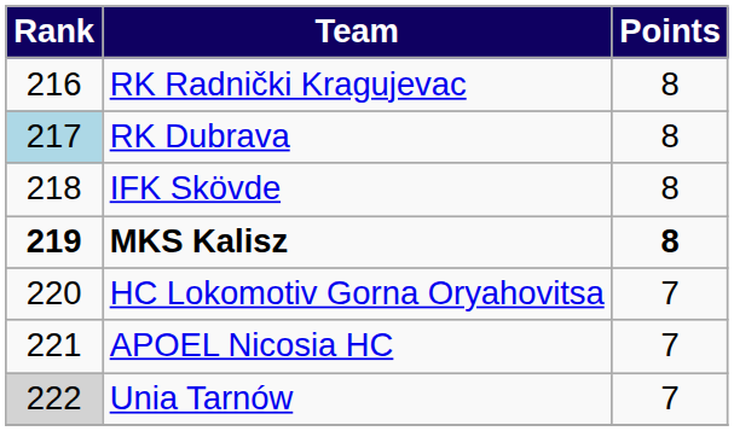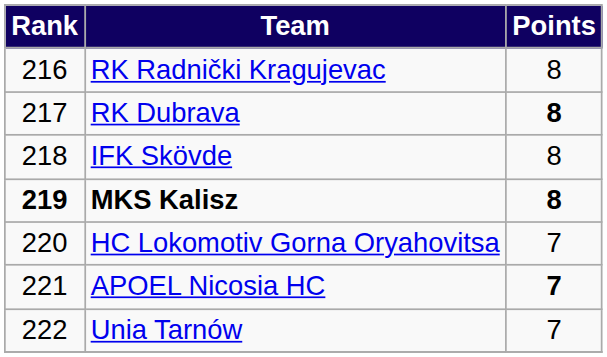 <table class="wikitable" style="text-align: center">
 <tr>
 <th style="color:#FFFFFF; background:#0F0061">Rank</th>
 <th style="color:#FFFFFF; background:#0F0061">Team</th>
 <th style="color:#FFFFFF; background:#0F0061">Points</th>
 </tr>
 <tr>
 <td>216</td>
 <td align=left> <a href='#'>RK Radnički Kragujevac</a></td>
 <td>8</td>
 </tr>
 <tr>
-<td style="background: lightblue;">217</td>
+<td>217</td>
 <td align=left> <a href='#'>RK Dubrava</a></td>
-<td>8</td>
+<td><strong>8</strong></td>
 </tr>
 <tr>
 <td>218</td>
 <td align=left> <a href='#'>IFK Skövde</a></td>
 <td>8</td>
 </tr>
 <tr>
 <td><strong>219</strong></td>
 <td align=left> <strong>MKS Kalisz</strong></td>
 <td><strong>8</strong></td>
 </tr>
 <tr>
 <td>220</td>
 <td align=left> <a href='#'>HC Lokomotiv Gorna Oryahovitsa</a></td>
 <td>7</td>
 </tr>
 <tr>
 <td>221</td>
 <td align=left> <a href='#'>APOEL Nicosia HC</a></td>
-<td>7</td>
+<td><strong>7</strong></td>
 </tr>
 <tr>
-<td style="background: lightgrey;">222</td>
+<td>222</td>
 <td align=left> <a href='#'>Unia Tarnów</a></td>
 <td>7</td>
 </tr>
 <tr>
 </tr>
 </table>
